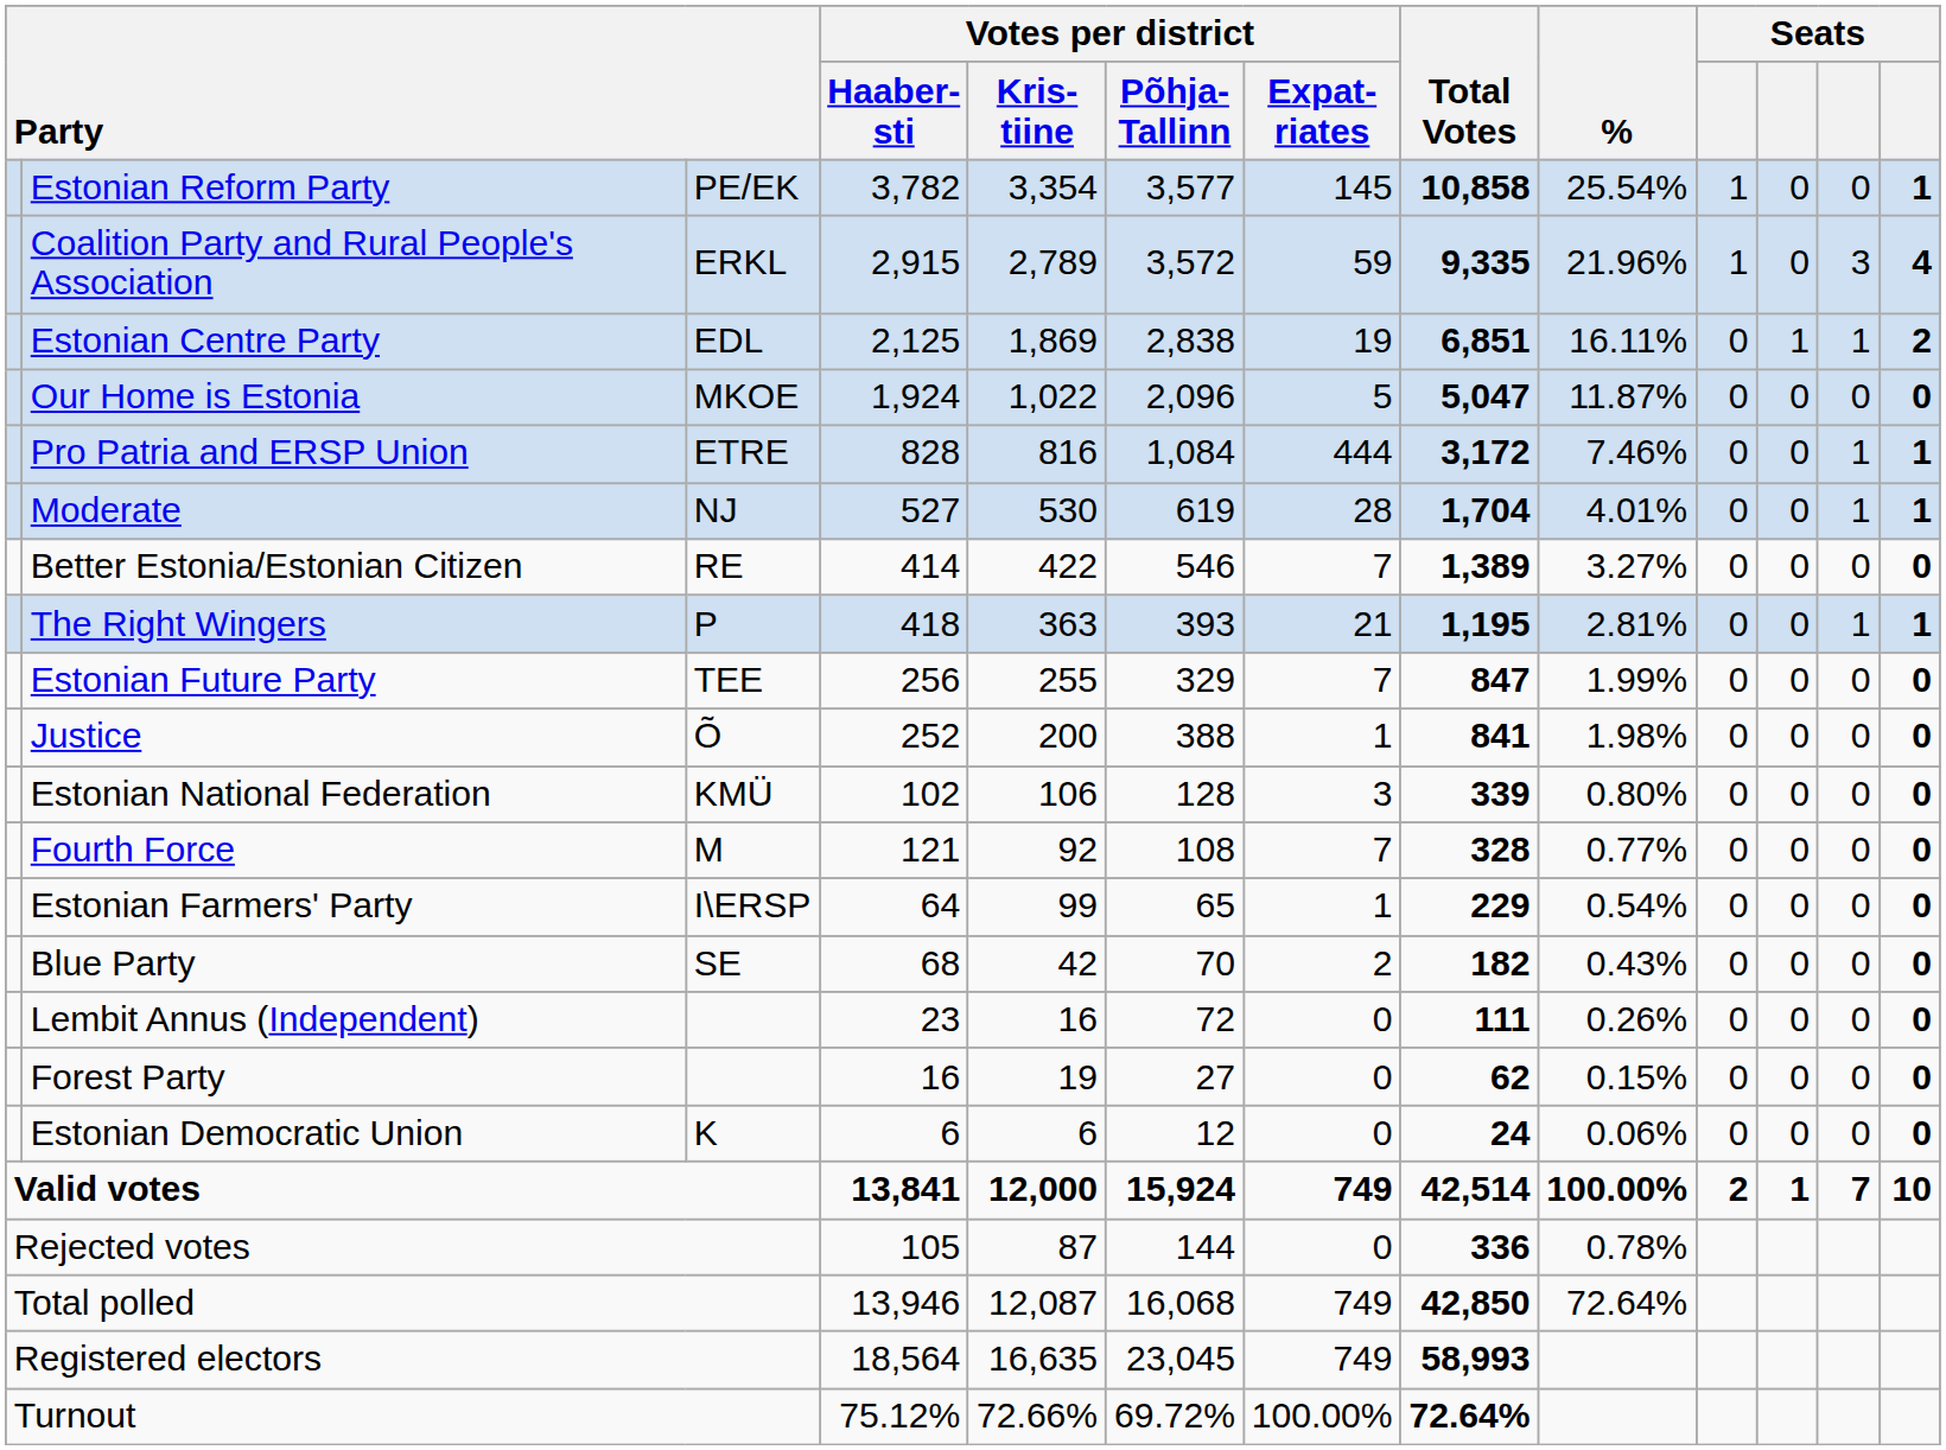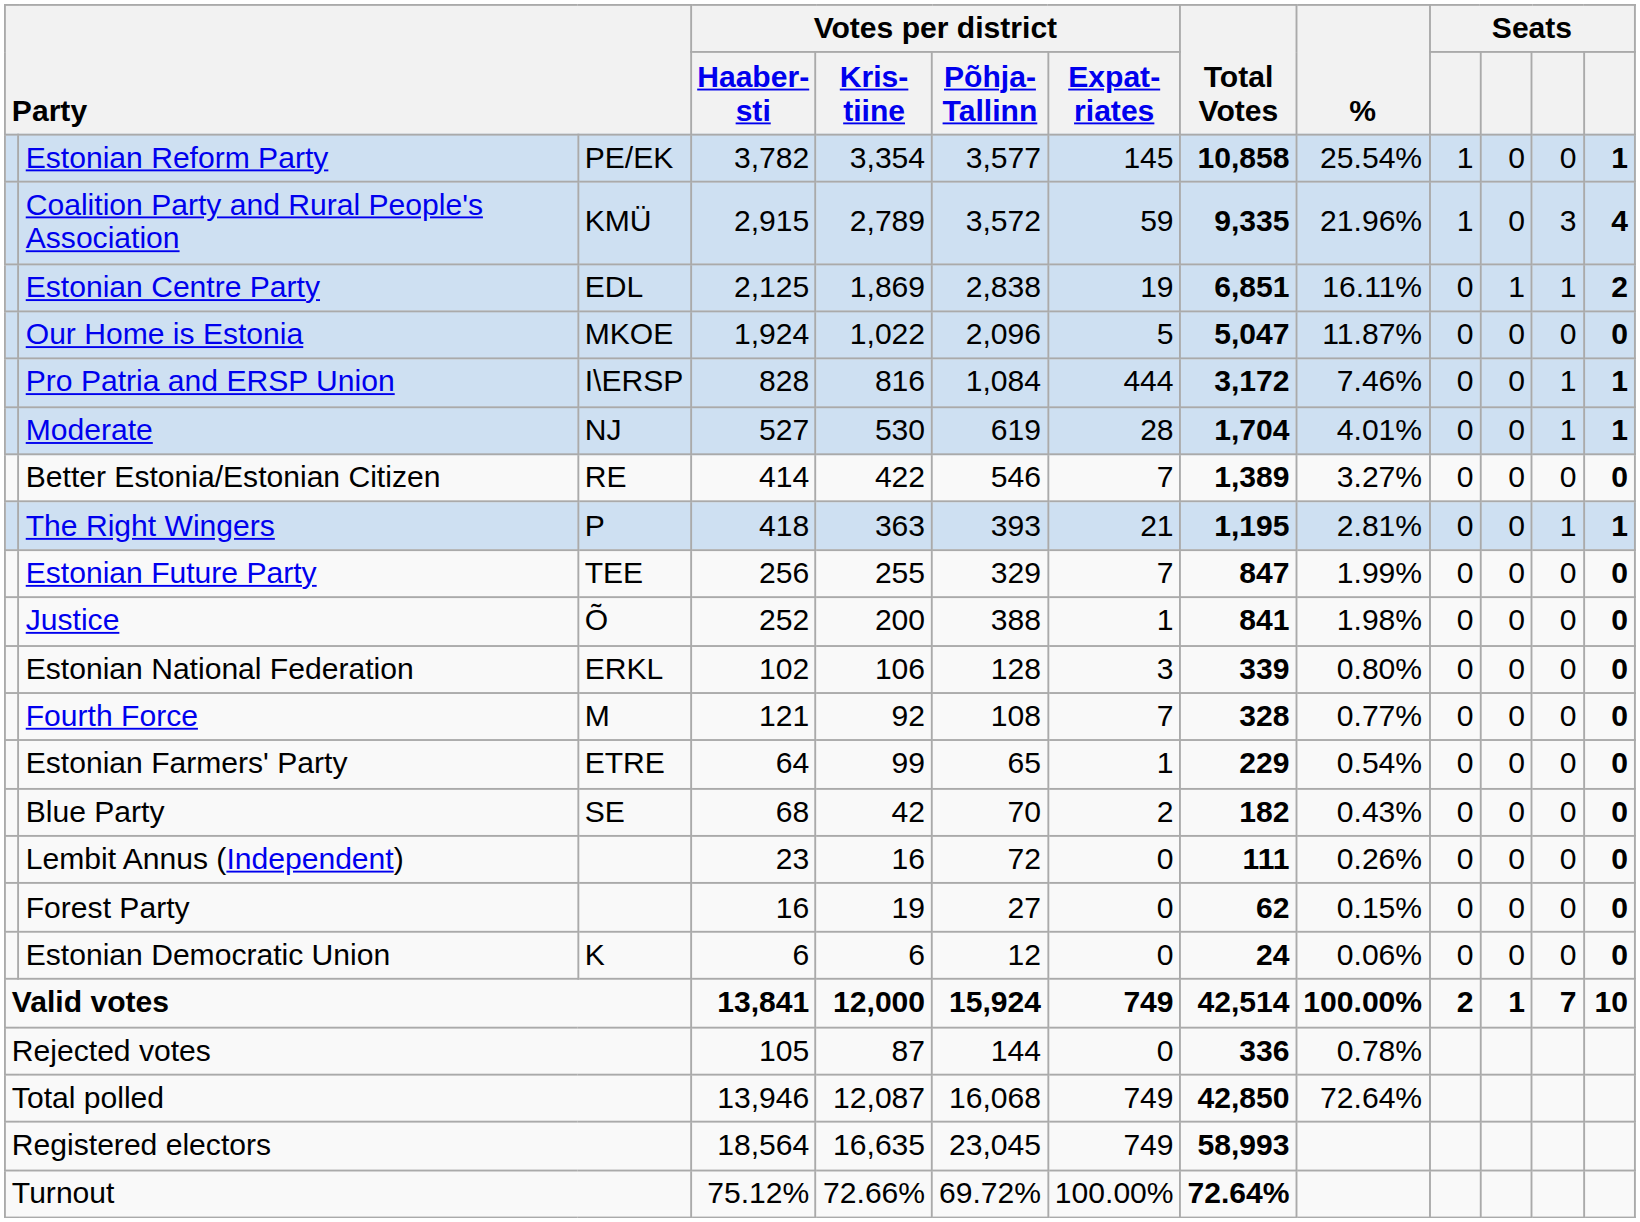 <table class="wikitable" border="1" style="text-align:right;">
 <tr>
 <th style="text-align:left;" valign=bottom rowspan=2 colspan=3>Party</th>
 <th colspan=4>Votes per district</th>
 <th align=center valign=bottom rowspan=2 width="50">Total Votes</th>
 <th align=center valign=bottom rowspan=2 width="50">%</th>
 <th colspan=4>Seats</th>
 </tr>
 <tr>
 <th align=center valign=bottom width="50"><a href='#'>Haaber- sti</a></th>
 <th align=center valign=bottom width="50"><a href='#'>Kris- tiine</a></th>
 <th align=center valign=bottom width="50"><a href='#'>Põhja- Tallinn</a></th>
 <th align=center valign=bottom width="50"><a href='#'>Expat- riates</a></th>
 <th align=center valign=bottom width="20"><small></small></th>
 <th align=center valign=bottom width="20"><small></small></th>
 <th align=center valign=bottom width="20"><small></small></th>
 <th align=center valign=bottom width="20"><small></small></th>
 </tr>
 <tr style="background:#CEE0F2;">
 <td style="background:"></td>
 <td align=left><a href='#'>Estonian Reform Party</a></td>
 <td align=left>PE/EK</td>
 <td>3,782</td>
 <td>3,354</td>
 <td>3,577</td>
 <td>145</td>
 <td><strong>10,858</strong></td>
 <td>25.54%</td>
 <td>1</td>
 <td>0</td>
 <td>0</td>
 <td><strong>1</strong></td>
 </tr>
 <tr style="background:#CEE0F2;">
 <td style="background:"></td>
 <td align=left><a href='#'>Coalition Party and Rural People's Association</a></td>
-<td align=left>ERKL</td>
+<td align=left>KMÜ</td>
 <td>2,915</td>
 <td>2,789</td>
 <td>3,572</td>
 <td>59</td>
 <td><strong>9,335</strong></td>
 <td>21.96%</td>
 <td>1</td>
 <td>0</td>
 <td>3</td>
 <td><strong>4</strong></td>
 </tr>
 <tr style="background:#CEE0F2;">
 <td style="background:"></td>
 <td align=left><a href='#'>Estonian Centre Party</a></td>
 <td align=left>EDL</td>
 <td>2,125</td>
 <td>1,869</td>
 <td>2,838</td>
 <td>19</td>
 <td><strong>6,851</strong></td>
 <td>16.11%</td>
 <td>0</td>
 <td>1</td>
 <td>1</td>
 <td><strong>2</strong></td>
 </tr>
 <tr style="background:#CEE0F2;">
 <td style="background:"></td>
 <td align=left><a href='#'>Our Home is Estonia</a></td>
 <td align=left>MKOE</td>
 <td>1,924</td>
 <td>1,022</td>
 <td>2,096</td>
 <td>5</td>
 <td><strong>5,047</strong></td>
 <td>11.87%</td>
 <td>0</td>
 <td>0</td>
 <td>0</td>
 <td><strong>0</strong></td>
 </tr>
 <tr style="background:#CEE0F2;">
 <td style="background:"></td>
 <td align=left><a href='#'>Pro Patria and ERSP Union</a></td>
-<td align=left>ETRE</td>
+<td align=left>I\ERSP</td>
 <td>828</td>
 <td>816</td>
 <td>1,084</td>
 <td>444</td>
 <td><strong>3,172</strong></td>
 <td>7.46%</td>
 <td>0</td>
 <td>0</td>
 <td>1</td>
 <td><strong>1</strong></td>
 </tr>
 <tr style="background:#CEE0F2;">
 <td style="background:"></td>
 <td align=left><a href='#'>Moderate</a></td>
 <td align=left>NJ</td>
 <td>527</td>
 <td>530</td>
 <td>619</td>
 <td>28</td>
 <td><strong>1,704</strong></td>
 <td>4.01%</td>
 <td>0</td>
 <td>0</td>
 <td>1</td>
 <td><strong>1</strong></td>
 </tr>
 <tr>
 <td></td>
 <td align=left>Better Estonia/Estonian Citizen</td>
 <td align=left>RE</td>
 <td>414</td>
 <td>422</td>
 <td>546</td>
 <td>7</td>
 <td><strong>1,389</strong></td>
 <td>3.27%</td>
 <td>0</td>
 <td>0</td>
 <td>0</td>
 <td><strong>0</strong></td>
 </tr>
 <tr style="background:#CEE0F2;">
 <td></td>
 <td align=left><a href='#'>The Right Wingers</a></td>
 <td align=left>P</td>
 <td>418</td>
 <td>363</td>
 <td>393</td>
 <td>21</td>
 <td><strong>1,195</strong></td>
 <td>2.81%</td>
 <td>0</td>
 <td>0</td>
 <td>1</td>
 <td><strong>1</strong></td>
 </tr>
 <tr>
 <td style="background:"></td>
 <td align=left><a href='#'>Estonian Future Party</a></td>
 <td align=left>TEE</td>
 <td>256</td>
 <td>255</td>
 <td>329</td>
 <td>7</td>
 <td><strong>847</strong></td>
 <td>1.99%</td>
 <td>0</td>
 <td>0</td>
 <td>0</td>
 <td><strong>0</strong></td>
 </tr>
 <tr>
 <td style="background:"></td>
 <td align=left><a href='#'>Justice</a></td>
 <td align=left>Õ</td>
 <td>252</td>
 <td>200</td>
 <td>388</td>
 <td>1</td>
 <td><strong>841</strong></td>
 <td>1.98%</td>
 <td>0</td>
 <td>0</td>
 <td>0</td>
 <td><strong>0</strong></td>
 </tr>
 <tr>
 <td></td>
 <td align=left>Estonian National Federation</td>
-<td align=left>KMÜ</td>
+<td align=left>ERKL</td>
 <td>102</td>
 <td>106</td>
 <td>128</td>
 <td>3</td>
 <td><strong>339</strong></td>
 <td>0.80%</td>
 <td>0</td>
 <td>0</td>
 <td>0</td>
 <td><strong>0</strong></td>
 </tr>
 <tr>
 <td style="background:"></td>
 <td align=left><a href='#'>Fourth Force</a></td>
 <td align=left>M</td>
 <td>121</td>
 <td>92</td>
 <td>108</td>
 <td>7</td>
 <td><strong>328</strong></td>
 <td>0.77%</td>
 <td>0</td>
 <td>0</td>
 <td>0</td>
 <td><strong>0</strong></td>
 </tr>
 <tr>
 <td></td>
 <td align=left>Estonian Farmers' Party</td>
-<td align=left>I\ERSP</td>
+<td align=left>ETRE</td>
 <td>64</td>
 <td>99</td>
 <td>65</td>
 <td>1</td>
 <td><strong>229</strong></td>
 <td>0.54%</td>
 <td>0</td>
 <td>0</td>
 <td>0</td>
 <td><strong>0</strong></td>
 </tr>
 <tr>
 <td></td>
 <td align=left>Blue Party</td>
 <td align=left>SE</td>
 <td>68</td>
 <td>42</td>
 <td>70</td>
 <td>2</td>
 <td><strong>182</strong></td>
 <td>0.43%</td>
 <td>0</td>
 <td>0</td>
 <td>0</td>
 <td><strong>0</strong></td>
 </tr>
 <tr>
 <td style="background:"></td>
 <td align=left>Lembit Annus (<a href='#'>Independent</a>)</td>
 <td></td>
 <td>23</td>
 <td>16</td>
 <td>72</td>
 <td>0</td>
 <td><strong>111</strong></td>
 <td>0.26%</td>
 <td>0</td>
 <td>0</td>
 <td>0</td>
 <td><strong>0</strong></td>
 </tr>
 <tr>
 <td></td>
 <td align=left>Forest Party</td>
 <td></td>
 <td>16</td>
 <td>19</td>
 <td>27</td>
 <td>0</td>
 <td><strong>62</strong></td>
 <td>0.15%</td>
 <td>0</td>
 <td>0</td>
 <td>0</td>
 <td><strong>0</strong></td>
 </tr>
 <tr>
 <td></td>
 <td align=left>Estonian Democratic Union</td>
 <td align=left>K</td>
 <td>6</td>
 <td>6</td>
 <td>12</td>
 <td>0</td>
 <td><strong>24</strong></td>
 <td>0.06%</td>
 <td>0</td>
 <td>0</td>
 <td>0</td>
 <td><strong>0</strong></td>
 </tr>
 <tr style="font-weight:bold">
 <td align=left colspan=3>Valid votes</td>
 <td>13,841</td>
 <td>12,000</td>
 <td>15,924</td>
 <td>749</td>
 <td>42,514</td>
 <td>100.00%</td>
 <td>2</td>
 <td>1</td>
 <td>7</td>
 <td>10</td>
 </tr>
 <tr>
 <td align=left colspan=3>Rejected votes</td>
 <td>105</td>
 <td>87</td>
 <td>144</td>
 <td>0</td>
 <td><strong>336</strong></td>
 <td>0.78%</td>
 <td></td>
 <td></td>
 <td></td>
 <td></td>
 </tr>
 <tr>
 <td align=left colspan=3>Total polled</td>
 <td>13,946</td>
 <td>12,087</td>
 <td>16,068</td>
 <td>749</td>
 <td><strong>42,850</strong></td>
 <td>72.64%</td>
 <td></td>
 <td></td>
 <td></td>
 <td></td>
 </tr>
 <tr>
 <td align=left colspan=3>Registered electors</td>
 <td>18,564</td>
 <td>16,635</td>
 <td>23,045</td>
 <td>749</td>
 <td><strong>58,993</strong></td>
 <td></td>
 <td></td>
 <td></td>
 <td></td>
 <td></td>
 </tr>
 <tr>
 <td align=left colspan=3>Turnout</td>
 <td>75.12%</td>
 <td>72.66%</td>
 <td>69.72%</td>
 <td>100.00%</td>
 <td><strong>72.64%</strong></td>
 <td></td>
 <td></td>
 <td></td>
 <td></td>
 <td></td>
 </tr>
 </table>
